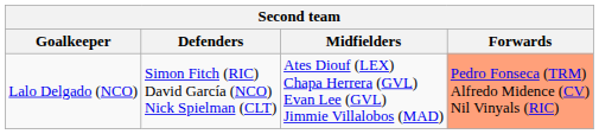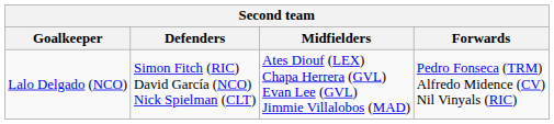 <table class="wikitable">
 <tr>
 <th colspan="4">Second team</th>
 </tr>
 <tr>
 <th>Goalkeeper</th>
 <th>Defenders</th>
 <th>Midfielders</th>
 <th>Forwards</th>
 </tr>
 <tr>
 <td> <a href='#'>Lalo Delgado</a> (<a href='#'>NCO</a>)</td>
 <td> <a href='#'>Simon Fitch</a> (<a href='#'>RIC</a>)<br> David García (<a href='#'>NCO</a>)<br> <a href='#'>Nick Spielman</a> (<a href='#'>CLT</a>)</td>
 <td> <a href='#'>Ates Diouf</a> (<a href='#'>LEX</a>)<br> <a href='#'>Chapa Herrera</a> (<a href='#'>GVL</a>)<br> <a href='#'>Evan Lee</a> (<a href='#'>GVL</a>)<br> <a href='#'>Jimmie Villalobos</a> (<a href='#'>MAD</a>)</td>
-<td style="background: lightsalmon;"> <a href='#'>Pedro Fonseca</a> (<a href='#'>TRM</a>)<br> Alfredo Midence (<a href='#'>CV</a>)<br> Nil Vinyals (<a href='#'>RIC</a>)</td>
+<td> <a href='#'>Pedro Fonseca</a> (<a href='#'>TRM</a>)<br> Alfredo Midence (<a href='#'>CV</a>)<br> Nil Vinyals (<a href='#'>RIC</a>)</td>
 </tr>
 </table>
